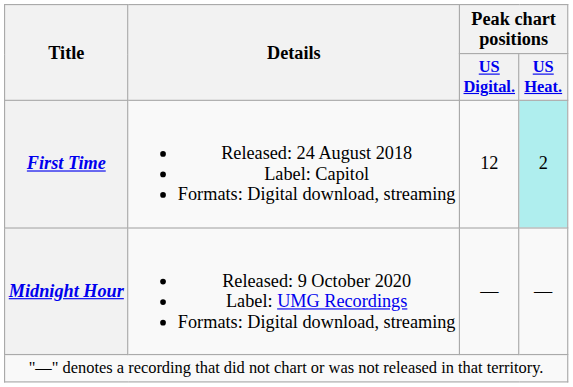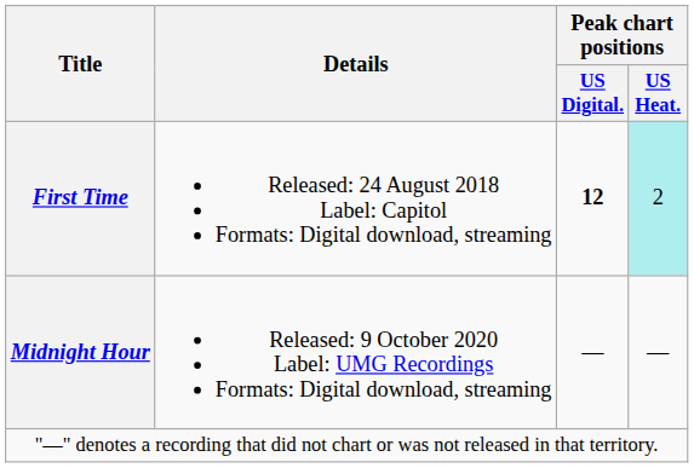 <table class="wikitable plainrowheaders" style="text-align:center;">
 <tr>
 <th scope="col" rowspan="2">Title</th>
 <th scope="col" rowspan="2">Details</th>
 <th scope="col" colspan="2">Peak chart positions</th>
 </tr>
 <tr>
 <th scope="col" style="width:2.5em;font-size:90%;"><a href='#'>US Digital.</a><br></th>
 <th scope="col" style="width:2.5em;font-size:90%;"><a href='#'>US<br>Heat.</a><br></th>
 </tr>
 <tr>
 <th scope="row"><em><a href='#'>First Time</a></em></th>
 <td><br><ul><li>Released: 24 August 2018</li><li>Label: Capitol</li><li>Formats: Digital download, streaming</li></ul></td>
-<td>12</td>
+<td><strong>12</strong></td>
 <td style="background: paleturquoise;">2</td>
 </tr>
 <tr>
 <th scope="row"><em><a href='#'>Midnight Hour</a></em><br></th>
 <td><br><ul><li>Released: 9 October 2020</li><li>Label: <a href='#'>UMG Recordings</a></li><li>Formats: Digital download, streaming</li></ul></td>
 <td>—</td>
 <td>—</td>
 </tr>
 <tr>
 <td colspan="8" style="font-size:90%">"—" denotes a recording that did not chart or was not released in that territory.</td>
 </tr>
 </table>
